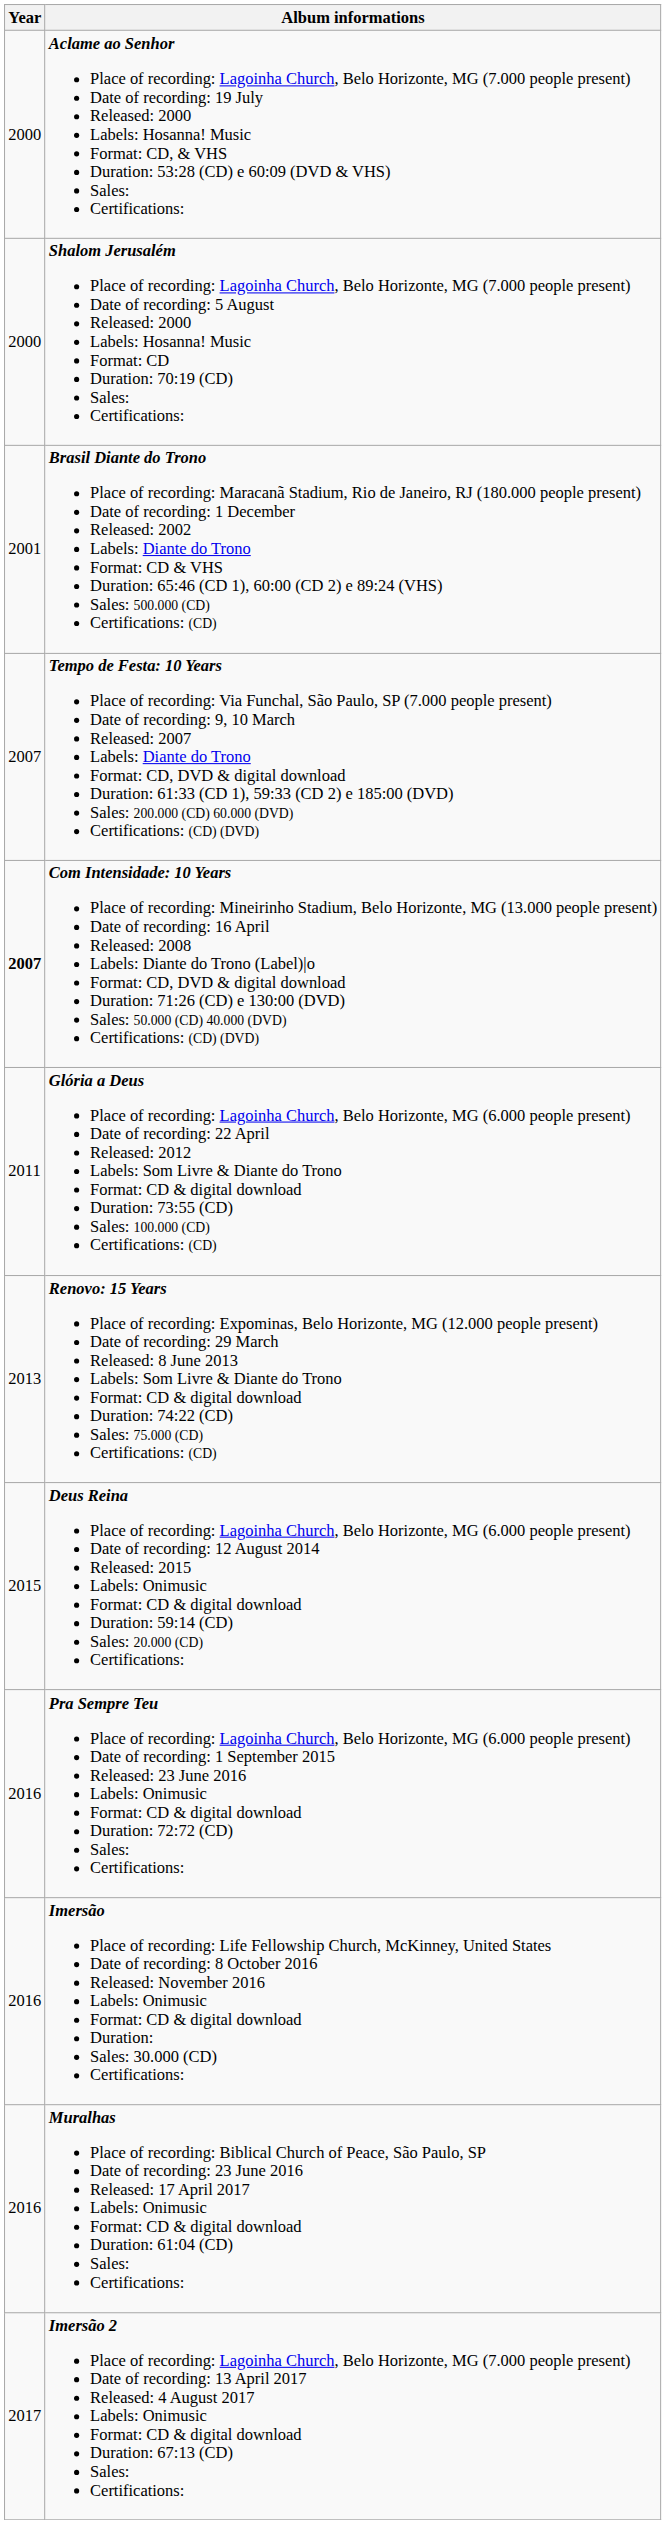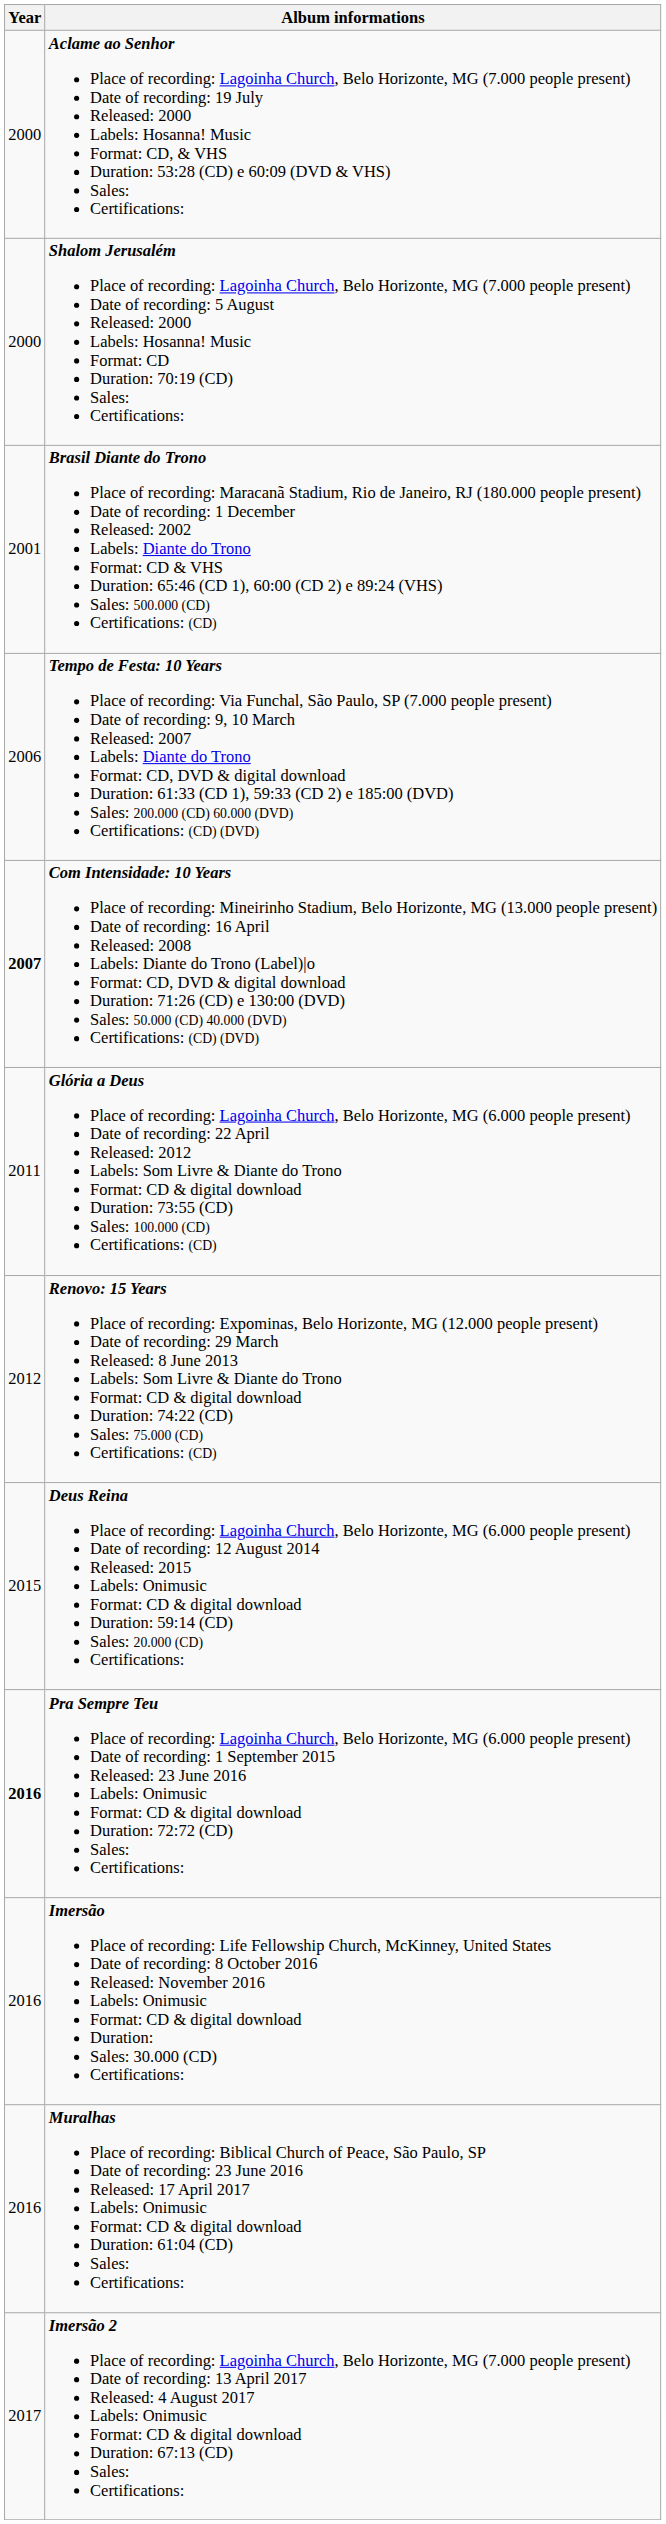 <table class="wikitable">
 <tr>
 <th>Year</th>
 <th>Album informations</th>
 </tr>
 <tr>
 <td>2000</td>
 <td><strong><em>Aclame ao Senhor</em></strong><br><ul><li>Place of recording: <a href='#'>Lagoinha Church</a>, Belo Horizonte, MG (7.000 people present)</li><li>Date of recording: 19 July</li><li>Released: 2000</li><li>Labels: Hosanna! Music</li><li>Format: CD, & VHS</li><li>Duration: 53:28 (CD) e 60:09 (DVD & VHS)</li><li>Sales:</li><li>Certifications:</li></ul></td>
 </tr>
 <tr>
 <td>2000</td>
 <td><strong><em>Shalom Jerusalém</em></strong><br><ul><li>Place of recording: <a href='#'>Lagoinha Church</a>, Belo Horizonte, MG (7.000 people present)</li><li>Date of recording: 5 August</li><li>Released: 2000</li><li>Labels: Hosanna! Music</li><li>Format: CD</li><li>Duration: 70:19 (CD)</li><li>Sales:</li><li>Certifications:</li></ul></td>
 </tr>
 <tr>
 <td>2001</td>
 <td><strong><em>Brasil Diante do Trono</em></strong><br><ul><li>Place of recording: Maracanã Stadium, Rio de Janeiro, RJ (180.000 people present)</li><li>Date of recording: 1 December</li><li>Released: 2002</li><li>Labels: <a href='#'>Diante do Trono</a></li><li>Format: CD & VHS</li><li>Duration: 65:46 (CD 1), 60:00 (CD 2) e 89:24 (VHS)</li><li>Sales: <small>500.000 (CD)</small></li><li>Certifications: <small> (CD)</small></li></ul></td>
 </tr>
 <tr>
-<td>2007</td>
+<td>2006</td>
 <td><strong><em>Tempo de Festa: 10 Years</em></strong><br><ul><li>Place of recording: Via Funchal, São Paulo, SP (7.000 people present)</li><li>Date of recording: 9, 10 March</li><li>Released: 2007</li><li>Labels: <a href='#'>Diante do Trono</a></li><li>Format: CD, DVD & digital download</li><li>Duration: 61:33 (CD 1), 59:33 (CD 2) e 185:00 (DVD)</li><li>Sales: <small>200.000 (CD) 60.000 (DVD)</small></li><li>Certifications: <small> (CD)  (DVD)</small></li></ul></td>
 </tr>
 <tr>
 <td><strong>2007</strong></td>
 <td><strong><em>Com Intensidade: 10 Years</em></strong><br><ul><li>Place of recording: Mineirinho Stadium, Belo Horizonte, MG (13.000 people present)</li><li>Date of recording: 16 April</li><li>Released: 2008</li><li>Labels: Diante do Trono (Label)|o</li><li>Format: CD, DVD & digital download</li><li>Duration: 71:26 (CD) e 130:00 (DVD)</li><li>Sales: <small>50.000 (CD) 40.000 (DVD)</small></li><li>Certifications: <small> (CD)  (DVD)</small></li></ul></td>
 </tr>
 <tr>
 <td>2011</td>
 <td><strong><em>Glória a Deus</em></strong><br><ul><li>Place of recording: <a href='#'>Lagoinha Church</a>, Belo Horizonte, MG (6.000 people present)</li><li>Date of recording: 22 April</li><li>Released: 2012</li><li>Labels: Som Livre & Diante do Trono</li><li>Format: CD & digital download</li><li>Duration: 73:55 (CD)</li><li>Sales: <small>100.000 (CD)</small></li><li>Certifications: <small> (CD)</small></li></ul></td>
 </tr>
 <tr>
-<td>2013</td>
+<td>2012</td>
 <td><strong><em>Renovo: 15 Years</em></strong><br><ul><li>Place of recording: Expominas, Belo Horizonte, MG (12.000 people present)</li><li>Date of recording: 29 March</li><li>Released: 8 June 2013</li><li>Labels: Som Livre & Diante do Trono</li><li>Format: CD & digital download</li><li>Duration: 74:22 (CD)</li><li>Sales: <small>75.000 (CD)</small></li><li>Certifications: <small> (CD)</small></li></ul></td>
 </tr>
 <tr>
 <td>2015</td>
 <td><strong><em>Deus Reina</em></strong><br><ul><li>Place of recording: <a href='#'>Lagoinha Church</a>, Belo Horizonte, MG (6.000 people present)</li><li>Date of recording: 12 August 2014</li><li>Released: 2015</li><li>Labels: Onimusic</li><li>Format: CD & digital download</li><li>Duration: 59:14 (CD)</li><li>Sales: <small>20.000 (CD)</small></li><li>Certifications:</li></ul></td>
 </tr>
 <tr>
-<td>2016</td>
+<td><strong>2016</strong></td>
 <td><strong><em>Pra Sempre Teu</em></strong><br><ul><li>Place of recording: <a href='#'>Lagoinha Church</a>, Belo Horizonte, MG (6.000 people present)</li><li>Date of recording: 1 September 2015</li><li>Released: 23 June 2016</li><li>Labels: Onimusic</li><li>Format: CD & digital download</li><li>Duration: 72:72 (CD)</li><li>Sales:</li><li>Certifications:</li></ul></td>
 </tr>
 <tr>
 <td>2016</td>
 <td><strong><em>Imersão</em></strong><br><ul><li>Place of recording: Life Fellowship Church, McKinney, United States</li><li>Date of recording: 8 October 2016</li><li>Released: November 2016</li><li>Labels: Onimusic</li><li>Format: CD & digital download</li><li>Duration:</li><li>Sales: 30.000 (CD)</li><li>Certifications:</li></ul></td>
 </tr>
 <tr>
 <td>2016</td>
 <td><strong><em>Muralhas</em></strong><br><ul><li>Place of recording: Biblical Church of Peace, São Paulo, SP</li><li>Date of recording: 23 June 2016</li><li>Released: 17 April 2017</li><li>Labels: Onimusic</li><li>Format: CD & digital download</li><li>Duration: 61:04 (CD)</li><li>Sales:</li><li>Certifications:</li></ul></td>
 </tr>
 <tr>
 <td>2017</td>
 <td><strong><em>Imersão 2</em></strong><br><ul><li>Place of recording: <a href='#'>Lagoinha Church</a>, Belo Horizonte, MG (7.000 people present)</li><li>Date of recording: 13 April 2017</li><li>Released: 4 August 2017</li><li>Labels: Onimusic</li><li>Format: CD & digital download</li><li>Duration: 67:13 (CD)</li><li>Sales:</li><li>Certifications:</li></ul></td>
 </tr>
 </table>
